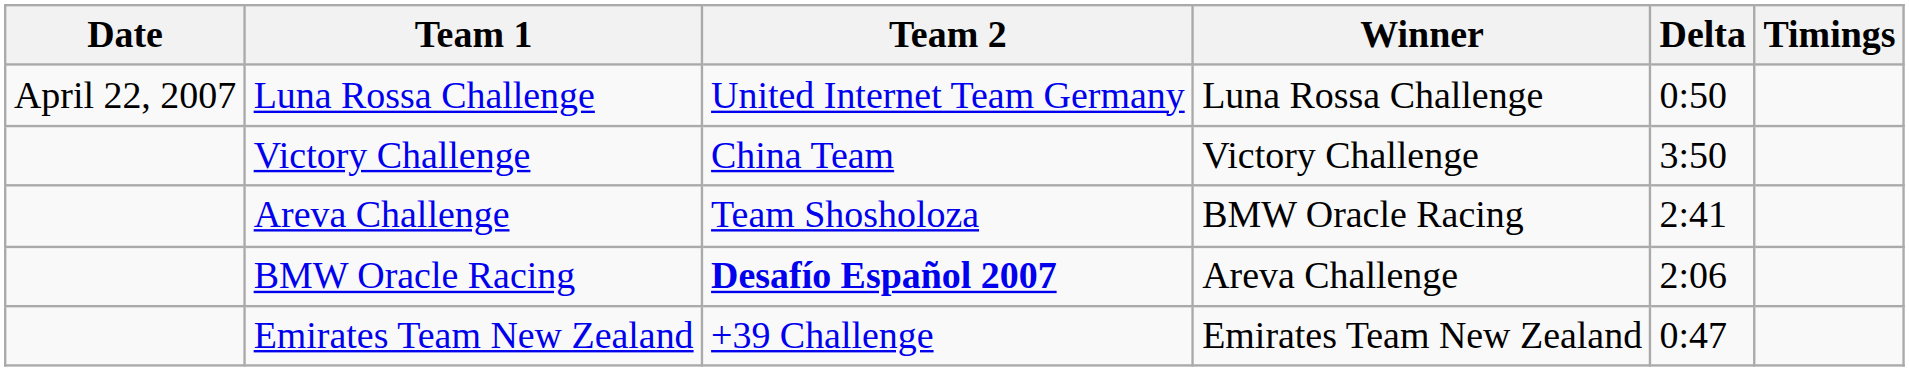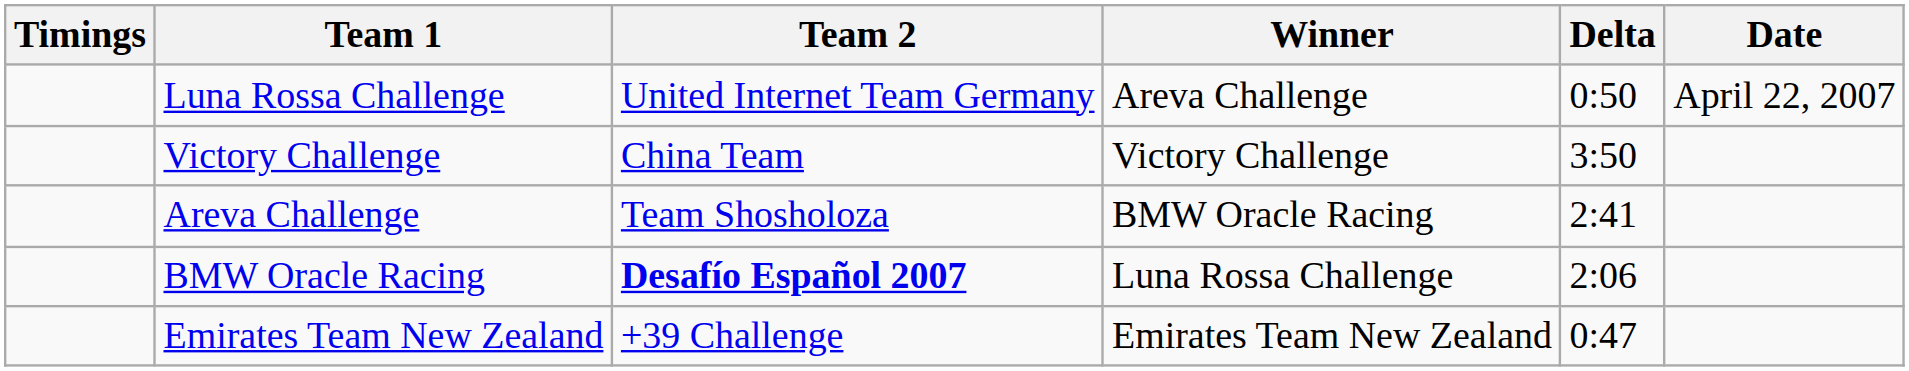 <table class="wikitable">
 <tr>
-<th>Date</th>
+<th>Timings</th>
 <th>Team 1 </th>
 <th>Team 2 </th>
 <th>Winner</th>
 <th>Delta</th>
-<th>Timings</th>
+<th>Date</th>
 </tr>
 <tr>
-<td>April 22, 2007</td>
+<td></td>
 <td><a href='#'>Luna Rossa Challenge</a></td>
 <td><a href='#'>United Internet Team Germany</a></td>
-<td>Luna Rossa Challenge</td>
+<td>Areva Challenge</td>
 <td>0:50</td>
-<td></td>
+<td>April 22, 2007</td>
 </tr>
 <tr>
 <td></td>
 <td><a href='#'>Victory Challenge</a></td>
 <td><a href='#'>China Team</a></td>
 <td>Victory Challenge</td>
 <td>3:50</td>
 <td></td>
 </tr>
 <tr>
 <td></td>
 <td><a href='#'>Areva Challenge</a></td>
 <td><a href='#'>Team Shosholoza</a></td>
 <td>BMW Oracle Racing</td>
 <td>2:41</td>
 <td></td>
 </tr>
 <tr>
 <td></td>
 <td><a href='#'>BMW Oracle Racing</a></td>
 <td><strong><a href='#'>Desafío Español 2007</a></strong></td>
-<td>Areva Challenge</td>
+<td>Luna Rossa Challenge</td>
 <td>2:06</td>
 <td></td>
 </tr>
 <tr>
 <td></td>
 <td><a href='#'>Emirates Team New Zealand</a></td>
 <td><a href='#'>+39 Challenge</a></td>
 <td>Emirates Team New Zealand</td>
 <td>0:47</td>
 <td></td>
 </tr>
 </table>
